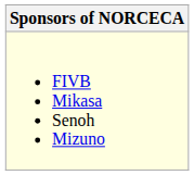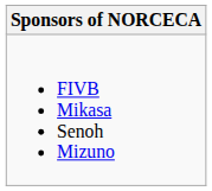 <table class="wikitable collapsible " style="float:center; margin:10px;">
 <tr>
 <th>Sponsors of NORCECA</th>
 </tr>
 <tr>
-<td style="background: lightyellow;"><br><ul><li><a href='#'>FIVB</a></li><li><a href='#'>Mikasa</a></li><li>Senoh</li><li><a href='#'>Mizuno</a></li></ul></td>
+<td><br><ul><li><a href='#'>FIVB</a></li><li><a href='#'>Mikasa</a></li><li>Senoh</li><li><a href='#'>Mizuno</a></li></ul></td>
 </tr>
 </table>
